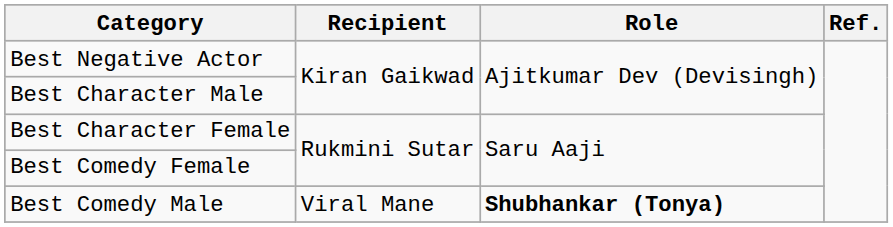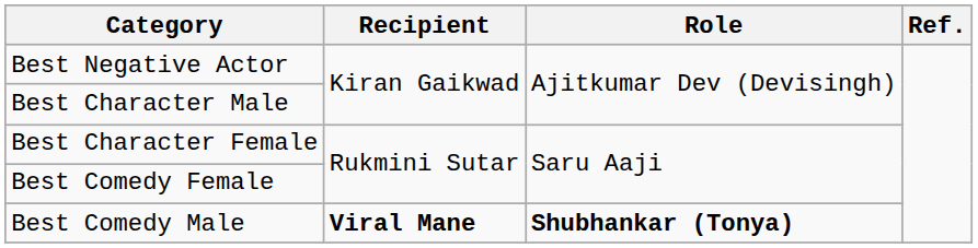 <table class="wikitable">
 <tr>
 <th>Category</th>
 <th>Recipient</th>
 <th>Role</th>
 <th>Ref.</th>
 </tr>
 <tr>
 <td>Best Negative Actor</td>
 <td rowspan="2">Kiran Gaikwad</td>
 <td rowspan="2">Ajitkumar Dev (Devisingh)</td>
 <td rowspan="5"></td>
 </tr>
 <tr>
 <td>Best Character Male</td>
 </tr>
 <tr>
 <td>Best Character Female</td>
 <td rowspan="2">Rukmini Sutar</td>
 <td rowspan="2">Saru Aaji</td>
 </tr>
 <tr>
 <td>Best Comedy Female</td>
 </tr>
 <tr>
 <td>Best Comedy Male</td>
-<td>Viral Mane</td>
+<td><strong>Viral Mane</strong></td>
 <td><strong>Shubhankar (Tonya)</strong></td>
 </tr>
 </table>
